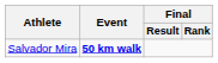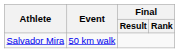 <table class=wikitable style="font-size:90%">
 <tr>
 <th rowspan="2">Athlete</th>
 <th rowspan="2">Event</th>
 <th colspan="2">Final</th>
 </tr>
 <tr style="font-size:95%">
 <th>Result</th>
 <th>Rank</th>
 </tr>
 <tr align=center>
 <td align=left><a href='#'>Salvador Mira</a></td>
-<td align=left><strong><a href='#'>50 km walk</a></strong></td>
+<td align=left><a href='#'>50 km walk</a></td>
 <td colspan=2></td>
 </tr>
 </table>
